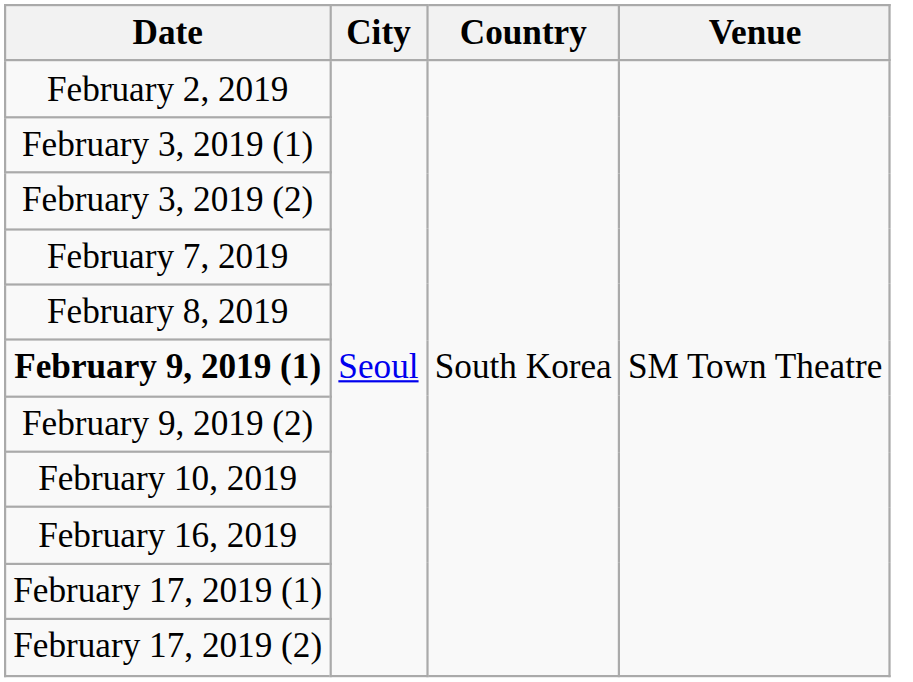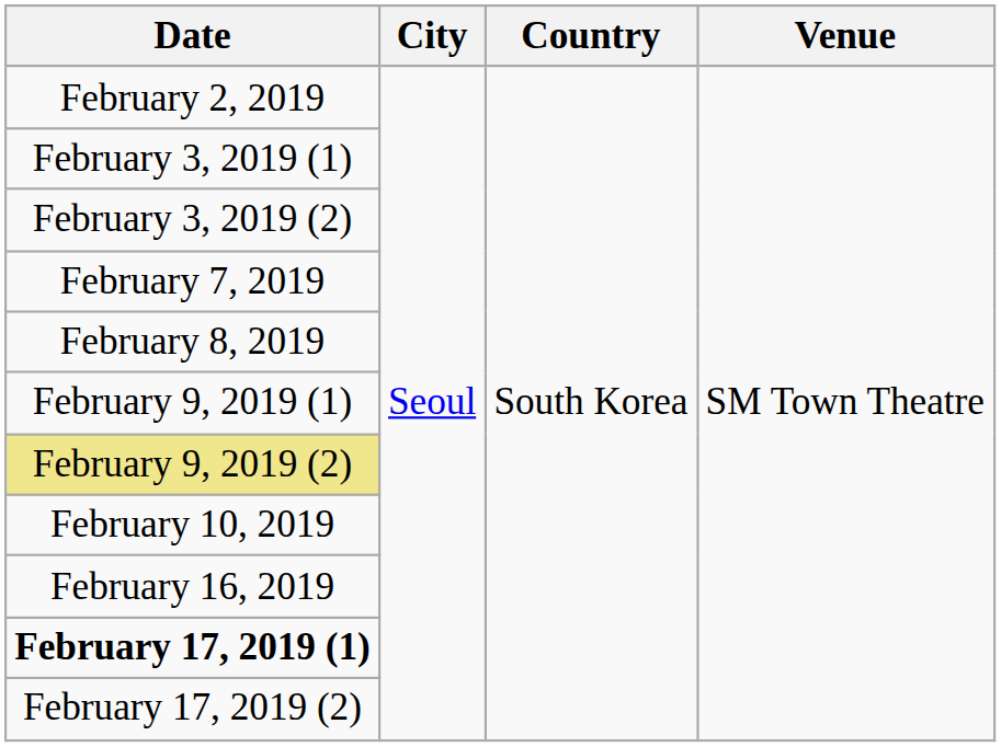 <table class="wikitable" style="text-align:center">
 <tr>
 <th scope="col">Date</th>
 <th scope="col">City</th>
 <th scope="col">Country</th>
 <th scope="col">Venue</th>
 </tr>
 <tr>
 <td>February 2, 2019</td>
 <td rowspan="11"><a href='#'>Seoul</a></td>
 <td rowspan="11">South Korea</td>
 <td rowspan="11">SM Town Theatre</td>
 </tr>
 <tr>
 <td>February 3, 2019 (1)</td>
 </tr>
 <tr>
 <td>February 3, 2019 (2)</td>
 </tr>
 <tr>
 <td>February 7, 2019</td>
 </tr>
 <tr>
 <td>February 8, 2019</td>
 </tr>
 <tr>
-<td><strong>February 9, 2019 (1)</strong></td>
+<td>February 9, 2019 (1)</td>
 </tr>
 <tr>
-<td>February 9, 2019 (2)</td>
+<td style="background: khaki;">February 9, 2019 (2)</td>
 </tr>
 <tr>
 <td>February 10, 2019</td>
 </tr>
 <tr>
 <td>February 16, 2019</td>
 </tr>
 <tr>
-<td>February 17, 2019 (1)</td>
+<td><strong>February 17, 2019 (1)</strong></td>
 </tr>
 <tr>
 <td>February 17, 2019 (2)</td>
 </tr>
 </table>
